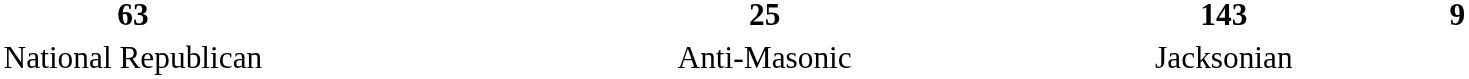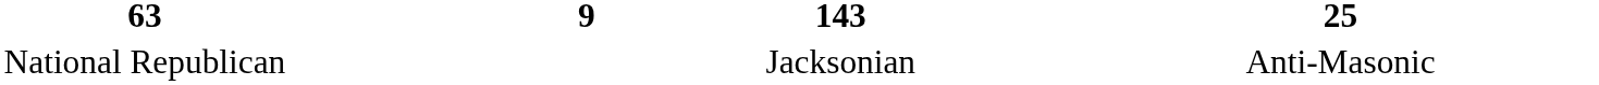 <table style="width:70%; text-align:center">
 <tr>
 <td style="background:"><strong>63</strong></td>
+<td style="background:"><strong>9</strong></td>
+<td style="background:"><strong>143</strong></td>
 <td style="background:"><strong>25</strong></td>
-<td style="background:"><strong>143</strong></td>
-<td style="background:"><strong>9</strong></td>
 </tr>
 <tr>
 <td>National Republican</td>
+<td></td>
+<td>Jacksonian</td>
 <td>Anti-Masonic</td>
-<td>Jacksonian</td>
-<td></td>
 </tr>
 </table>
